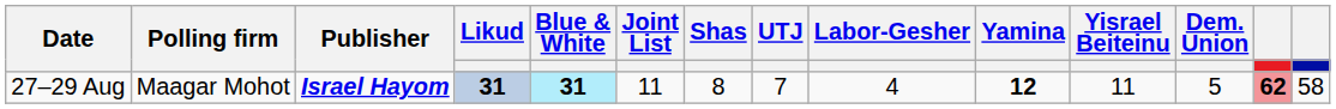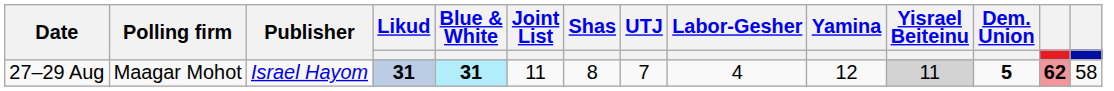 <table class="wikitable sortable" style="text-align:center;font-size:90%;line-height:13px">
 <tr>
 <th rowspan="2">Date</th>
 <th rowspan="2">Polling firm</th>
 <th rowspan="2">Publisher</th>
 <th><a href='#'>Likud</a></th>
 <th><a href='#'>Blue &<br>White</a></th>
 <th><a href='#'>Joint<br>List</a></th>
 <th><a href='#'>Shas</a></th>
 <th><a href='#'>UTJ</a></th>
 <th><a href='#'>Labor-Gesher</a></th>
 <th><a href='#'>Yamina</a></th>
 <th><a href='#'>Yisrael<br>Beiteinu</a></th>
 <th><a href='#'>Dem.<br>Union</a></th>
 <th></th>
 <th></th>
 </tr>
 <tr>
 <th style="background:"></th>
 <th style="background:"></th>
 <th style="background:"></th>
 <th style="background:"></th>
 <th style="background:"></th>
 <th style="background:"></th>
 <th style="background:"></th>
 <th style="background:"></th>
 <th style="background:"></th>
 <th style="background:#E81B23;"></th>
 <th style="background:#000EA3;"></th>
 </tr>
 <tr>
 <td data-sort-value="2019-08-29">27–29 Aug</td>
 <td>Maagar Mohot</td>
-<td><strong><em><a href='#'>Israel Hayom</a></em></strong></td>
+<td><em><a href='#'>Israel Hayom</a></em></td>
 <td style="background:#BBCDE4"><strong>31</strong>	</td>
 <td style="background:#B2EDFB"><strong>31</strong>	</td>
 <td>11					</td>
 <td>8					</td>
 <td>7					</td>
 <td>4					</td>
-<td><strong>12					</strong></td>
-<td>11					</td>
-<td>5					</td>
+<td>12					</td>
+<td style="background: lightgrey;">11					</td>
+<td><strong>5					</strong></td>
 <td style="background:#F4959A"><strong>62</strong>	</td>
 <td>58					</td>
 </tr>
 </table>
